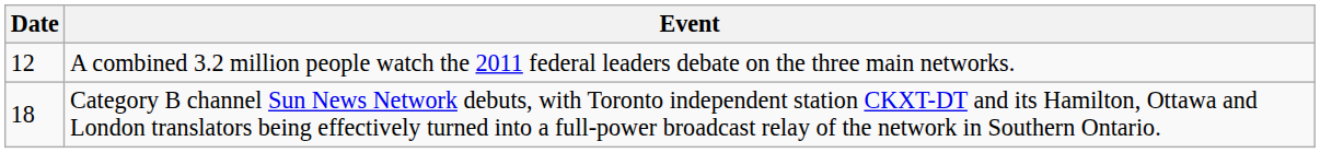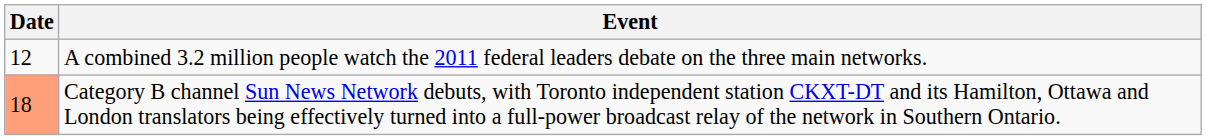 <table class="wikitable">
 <tr>
 <th>Date</th>
 <th>Event</th>
 </tr>
 <tr>
 <td>12</td>
 <td>A combined 3.2 million people watch the <a href='#'>2011</a> federal leaders debate on the three main networks.</td>
 </tr>
 <tr>
-<td>18</td>
+<td style="background: lightsalmon;">18</td>
 <td>Category B channel <a href='#'>Sun News Network</a> debuts, with Toronto independent station <a href='#'>CKXT-DT</a> and its Hamilton, Ottawa and London translators being effectively turned into a full-power broadcast relay of the network in Southern Ontario.</td>
 </tr>
 </table>
